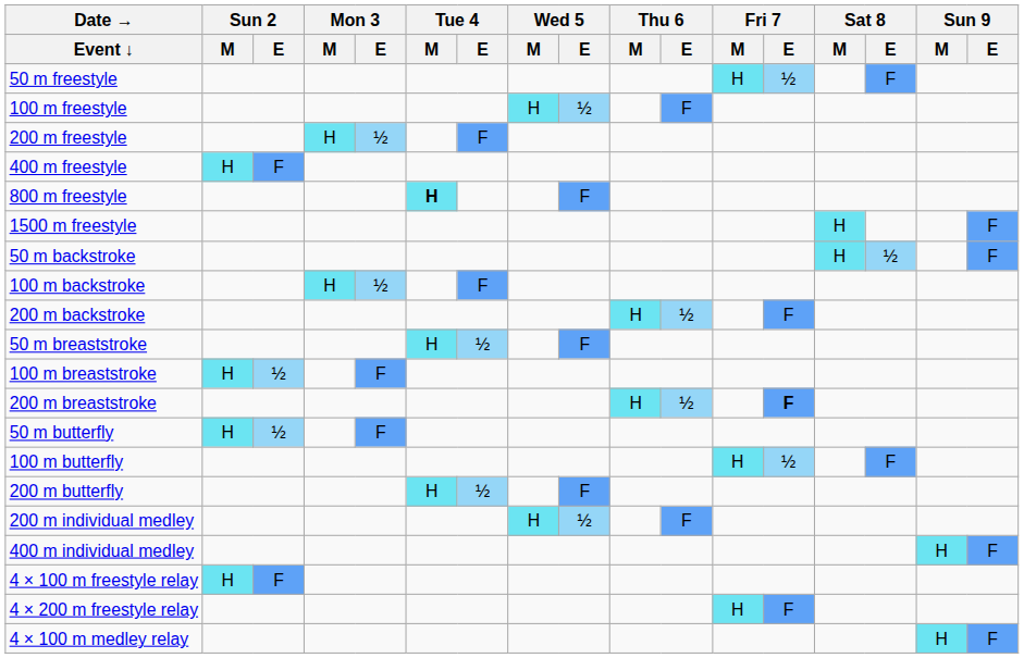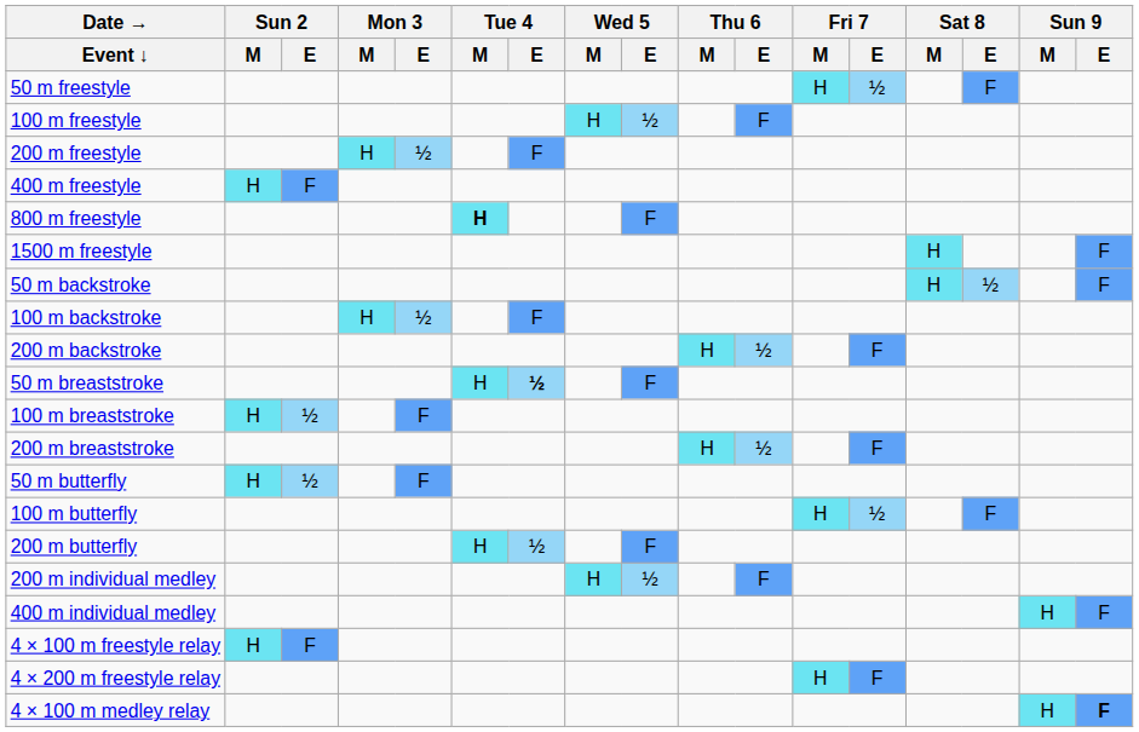 <table class="wikitable" style="margin:0.5em auto; font-size:95%; line-height:1.25em;">
 <tr style="text-align:center;">
 <th>Date →</th>
 <th colspan="2">Sun 2</th>
 <th colspan="2">Mon 3</th>
 <th colspan="2">Tue 4</th>
 <th colspan="2">Wed 5</th>
 <th colspan="2">Thu 6</th>
 <th colspan="2">Fri 7</th>
 <th colspan="2">Sat 8</th>
 <th colspan="2">Sun 9</th>
 </tr>
 <tr>
 <th>Event   ↓</th>
 <th style="width:2.5em;">M</th>
 <th style="width:2.5em;">E</th>
 <th style="width:2.5em;">M</th>
 <th style="width:2.5em;">E</th>
 <th style="width:2.5em;">M</th>
 <th style="width:2.5em;">E</th>
 <th style="width:2.5em;">M</th>
 <th style="width:2.5em;">E</th>
 <th style="width:2.5em;">M</th>
 <th style="width:2.5em;">E</th>
 <th style="width:2.5em;">M</th>
 <th style="width:2.5em;">E</th>
 <th style="width:2.5em;">M</th>
 <th style="width:2.5em;">E</th>
 <th style="width:2.5em;">M</th>
 <th style="width:2.5em;">E</th>
 </tr>
 <tr style="text-align:center;">
 <td style="text-align:left;"><a href='#'>50 m freestyle</a></td>
 <td colspan="2"></td>
 <td colspan="2"></td>
 <td colspan="2"></td>
 <td colspan="2"></td>
 <td colspan="2"></td>
 <td style="background-color:#6be4f2;">H</td>
 <td style="background-color:#95d6f7;">½</td>
 <td></td>
 <td style="background-color:#5ea2f7;">F</td>
 <td colspan="2"></td>
 </tr>
 <tr style="text-align:center;">
 <td style="text-align:left;"><a href='#'>100 m freestyle</a></td>
 <td colspan="2"></td>
 <td colspan="2"></td>
 <td colspan="2"></td>
 <td style="background-color:#6be4f2;">H</td>
 <td style="background-color:#95d6f7;">½</td>
 <td></td>
 <td style="background-color:#5ea2f7;">F</td>
 <td colspan="2"></td>
 <td colspan="2"></td>
 <td colspan="2"></td>
 </tr>
 <tr style="text-align:center;">
 <td style="text-align:left;"><a href='#'>200 m freestyle</a></td>
 <td colspan="2"></td>
 <td style="background-color:#6be4f2;">H</td>
 <td style="background-color:#95d6f7;">½</td>
 <td></td>
 <td style="background-color:#5ea2f7;">F</td>
 <td colspan="2"></td>
 <td colspan="2"></td>
 <td colspan="2"></td>
 <td colspan="2"></td>
 <td colspan="2"></td>
 </tr>
 <tr style="text-align:center;">
 <td style="text-align:left;"><a href='#'>400 m freestyle</a></td>
 <td style="background-color:#6be4f2;">H</td>
 <td style="background-color:#5ea2f7;">F</td>
 <td colspan="2"></td>
 <td colspan="2"></td>
 <td colspan="2"></td>
 <td colspan="2"></td>
 <td colspan="2"></td>
 <td colspan="2"></td>
 <td colspan="2"></td>
 </tr>
 <tr style="text-align:center;">
 <td style="text-align:left;"><a href='#'>800 m freestyle</a></td>
 <td colspan="2"></td>
 <td colspan="2"></td>
 <td style="background-color:#6be4f2;"><strong>H</strong></td>
 <td></td>
 <td></td>
 <td style="background-color:#5ea2f7;">F</td>
 <td colspan="2"></td>
 <td colspan="2"></td>
 <td colspan="2"></td>
 <td colspan="2"></td>
 </tr>
 <tr style="text-align:center;">
 <td style="text-align:left;"><a href='#'>1500 m freestyle</a></td>
 <td colspan="2"></td>
 <td colspan="2"></td>
 <td colspan="2"></td>
 <td colspan="2"></td>
 <td colspan="2"></td>
 <td colspan="2"></td>
 <td style="background-color:#6be4f2;">H</td>
 <td></td>
 <td></td>
 <td style="background-color:#5ea2f7;">F</td>
 </tr>
 <tr style="text-align:center;">
 <td style="text-align:left;"><a href='#'>50 m backstroke</a></td>
 <td colspan="2"></td>
 <td colspan="2"></td>
 <td colspan="2"></td>
 <td colspan="2"></td>
 <td colspan="2"></td>
 <td colspan="2"></td>
 <td style="background-color:#6be4f2;">H</td>
 <td style="background-color:#95d6f7;">½</td>
 <td></td>
 <td style="background-color:#5ea2f7;">F</td>
 </tr>
 <tr style="text-align:center;">
 <td style="text-align:left;"><a href='#'>100 m backstroke</a></td>
 <td colspan="2"></td>
 <td style="background-color:#6be4f2;">H</td>
 <td style="background-color:#95d6f7;">½</td>
 <td></td>
 <td style="background-color:#5ea2f7;">F</td>
 <td colspan="2"></td>
 <td colspan="2"></td>
 <td colspan="2"></td>
 <td colspan="2"></td>
 <td colspan="2"></td>
 </tr>
 <tr style="text-align:center;">
 <td style="text-align:left;"><a href='#'>200 m backstroke</a></td>
 <td colspan="2"></td>
 <td colspan="2"></td>
 <td colspan="2"></td>
 <td colspan="2"></td>
 <td style="background-color:#6be4f2;">H</td>
 <td style="background-color:#95d6f7;">½</td>
 <td></td>
 <td style="background-color:#5ea2f7;">F</td>
 <td colspan="2"></td>
 <td colspan="2"></td>
 </tr>
 <tr style="text-align:center;">
 <td style="text-align:left;"><a href='#'>50 m breaststroke</a></td>
 <td colspan="2"></td>
 <td colspan="2"></td>
 <td style="background-color:#6be4f2;">H</td>
-<td style="background-color:#95d6f7;">½</td>
+<td style="background-color:#95d6f7;"><strong>½</strong></td>
 <td></td>
 <td style="background-color:#5ea2f7;">F</td>
 <td colspan="2"></td>
 <td colspan="2"></td>
 <td colspan="2"></td>
 <td colspan="2"></td>
 </tr>
 <tr style="text-align:center;">
 <td style="text-align:left;"><a href='#'>100 m breaststroke</a></td>
 <td style="background-color:#6be4f2;">H</td>
 <td style="background-color:#95d6f7;">½</td>
 <td></td>
 <td style="background-color:#5ea2f7;">F</td>
 <td colspan="2"></td>
 <td colspan="2"></td>
 <td colspan="2"></td>
 <td colspan="2"></td>
 <td colspan="2"></td>
 <td colspan="2"></td>
 </tr>
 <tr style="text-align:center;">
 <td style="text-align:left;"><a href='#'>200 m breaststroke</a></td>
 <td colspan="2"></td>
 <td colspan="2"></td>
 <td colspan="2"></td>
 <td colspan="2"></td>
 <td style="background-color:#6be4f2;">H</td>
 <td style="background-color:#95d6f7;">½</td>
 <td></td>
-<td style="background-color:#5ea2f7;"><strong>F</strong></td>
+<td style="background-color:#5ea2f7;">F</td>
 <td colspan="2"></td>
 <td colspan="2"></td>
 </tr>
 <tr style="text-align:center;">
 <td style="text-align:left;"><a href='#'>50 m butterfly</a></td>
 <td style="background-color:#6be4f2;">H</td>
 <td style="background-color:#95d6f7;">½</td>
 <td></td>
 <td style="background-color:#5ea2f7;">F</td>
 <td colspan="2"></td>
 <td colspan="2"></td>
 <td colspan="2"></td>
 <td colspan="2"></td>
 <td colspan="2"></td>
 <td colspan="2"></td>
 </tr>
 <tr style="text-align:center;">
 <td style="text-align:left;"><a href='#'>100 m butterfly</a></td>
 <td colspan="2"></td>
 <td colspan="2"></td>
 <td colspan="2"></td>
 <td colspan="2"></td>
 <td colspan="2"></td>
 <td style="background-color:#6be4f2;">H</td>
 <td style="background-color:#95d6f7;">½</td>
 <td></td>
 <td style="background-color:#5ea2f7;">F</td>
 <td colspan="2"></td>
 </tr>
 <tr style="text-align:center;">
 <td style="text-align:left;"><a href='#'>200 m butterfly</a></td>
 <td colspan="2"></td>
 <td colspan="2"></td>
 <td style="background-color:#6be4f2;">H</td>
 <td style="background-color:#95d6f7;">½</td>
 <td></td>
 <td style="background-color:#5ea2f7;">F</td>
 <td colspan="2"></td>
 <td colspan="2"></td>
 <td colspan="2"></td>
 <td colspan="2"></td>
 </tr>
 <tr style="text-align:center;">
 <td style="text-align:left;"><a href='#'>200 m individual medley</a></td>
 <td colspan="2"></td>
 <td colspan="2"></td>
 <td colspan="2"></td>
 <td style="background-color:#6be4f2;">H</td>
 <td style="background-color:#95d6f7;">½</td>
 <td></td>
 <td style="background-color:#5ea2f7;">F</td>
 <td colspan="2"></td>
 <td colspan="2"></td>
 <td colspan="2"></td>
 </tr>
 <tr style="text-align:center;">
 <td style="text-align:left;"><a href='#'>400 m individual medley</a></td>
 <td colspan="2"></td>
 <td colspan="2"></td>
 <td colspan="2"></td>
 <td colspan="2"></td>
 <td colspan="2"></td>
 <td colspan="2"></td>
 <td colspan="2"></td>
 <td style="background-color:#6be4f2;">H</td>
 <td style="background-color:#5ea2f7;">F</td>
 </tr>
 <tr style="text-align:center;">
 <td style="text-align:left;"><a href='#'>4 × 100 m freestyle relay</a></td>
 <td style="background-color:#6be4f2;">H</td>
 <td style="background-color:#5ea2f7;">F</td>
 <td colspan="2"></td>
 <td colspan="2"></td>
 <td colspan="2"></td>
 <td colspan="2"></td>
 <td colspan="2"></td>
 <td colspan="2"></td>
 <td colspan="2"></td>
 </tr>
 <tr style="text-align:center;">
 <td style="text-align:left;"><a href='#'>4 × 200 m freestyle relay</a></td>
 <td colspan="2"></td>
 <td colspan="2"></td>
 <td colspan="2"></td>
 <td colspan="2"></td>
 <td colspan="2"></td>
 <td style="background-color:#6be4f2;">H</td>
 <td style="background-color:#5ea2f7;">F</td>
 <td colspan="2"></td>
 <td colspan="2"></td>
 </tr>
 <tr style="text-align:center;">
 <td style="text-align:left;"><a href='#'>4 × 100 m medley relay</a></td>
 <td colspan="2"></td>
 <td colspan="2"></td>
 <td colspan="2"></td>
 <td colspan="2"></td>
 <td colspan="2"></td>
 <td colspan="2"></td>
 <td colspan="2"></td>
 <td style="background-color:#6be4f2;">H</td>
-<td style="background-color:#5ea2f7;">F</td>
+<td style="background-color:#5ea2f7;"><strong>F</strong></td>
 </tr>
 </table>
